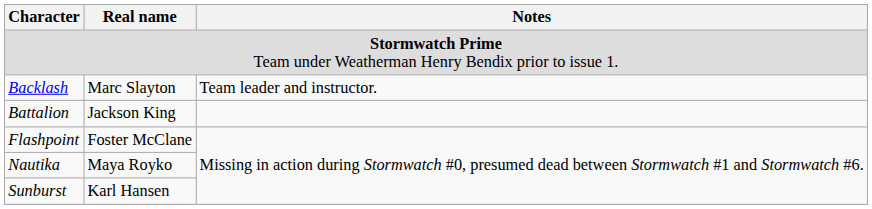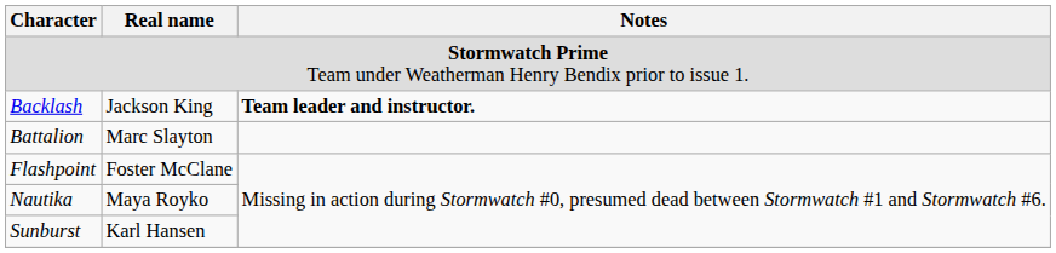 <table class="wikitable">
 <tr>
 <th>Character</th>
 <th>Real name</th>
 <th>Notes</th>
 </tr>
 <tr bgcolor="#DDDDDD">
 <td colspan=5 align=center><strong>Stormwatch Prime</strong><br>Team under Weatherman Henry Bendix prior to issue 1.</td>
 </tr>
 <tr>
 <td><em><a href='#'>Backlash</a></em></td>
-<td>Marc Slayton</td>
-<td>Team leader and instructor.</td>
+<td>Jackson King</td>
+<td><strong>Team leader and instructor.</strong></td>
 </tr>
 <tr>
 <td><em>Battalion</em></td>
-<td>Jackson King</td>
+<td>Marc Slayton</td>
 <td></td>
 </tr>
 <tr>
 <td><em>Flashpoint</em></td>
 <td>Foster McClane</td>
 <td rowspan=3>Missing in action during <em>Stormwatch</em> #0, presumed dead between <em>Stormwatch</em> #1 and <em>Stormwatch</em> #6.</td>
 </tr>
 <tr>
 <td><em>Nautika</em></td>
 <td>Maya Royko</td>
 </tr>
 <tr>
 <td><em>Sunburst</em></td>
 <td>Karl Hansen</td>
 </tr>
 <tr>
 </tr>
 </table>
